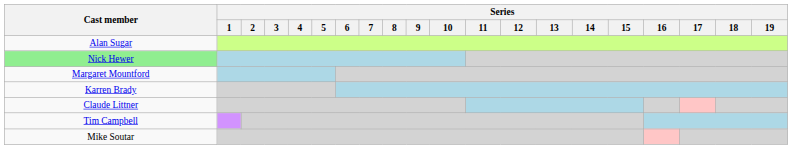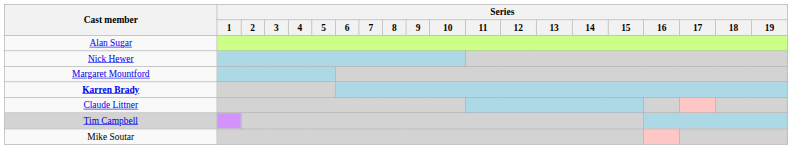 <table class="wikitable" style= "font-size:95%; text-align: center; width: 100%;">
 <tr>
 <th rowspan="2">Cast member</th>
 <th colspan="19" style="text-align:center">Series</th>
 </tr>
 <tr>
 <th>1</th>
 <th>2</th>
 <th>3</th>
 <th>4</th>
 <th>5</th>
 <th>6</th>
 <th>7</th>
 <th>8</th>
 <th>9</th>
 <th>10</th>
 <th>11</th>
 <th>12</th>
 <th>13</th>
 <th>14</th>
 <th>15</th>
 <th>16</th>
 <th>17</th>
 <th>18</th>
 <th>19</th>
 </tr>
 <tr>
 <td><a href='#'>Alan Sugar</a></td>
 <td colspan="19" style="background:#ccff88"></td>
 </tr>
 <tr>
-<td style="background: lightgreen;"><a href='#'>Nick Hewer</a></td>
+<td><a href='#'>Nick Hewer</a></td>
 <td colspan="10" style="background:lightblue"></td>
 <td colspan="9" style="background:lightgrey"></td>
 </tr>
 <tr>
 <td><a href='#'>Margaret Mountford</a></td>
 <td colspan="5" style="background:lightblue"></td>
 <td colspan="14" style="background:lightgrey"></td>
 </tr>
 <tr>
-<td><a href='#'>Karren Brady</a></td>
+<td><strong><a href='#'>Karren Brady</a></strong></td>
 <td colspan="5" style="background:lightgrey"></td>
 <td colspan="14" style="background:lightblue"></td>
 </tr>
 <tr>
 <td><a href='#'>Claude Littner</a></td>
 <td colspan="10" style="background:lightgrey"></td>
 <td colspan="5" style="background:lightblue"></td>
 <td colspan="1" style="background:lightgrey"></td>
 <td colspan="1" style="background:#ffc6c6"></td>
 <td colspan="2" style="background:lightgrey"></td>
 </tr>
 <tr>
-<td><a href='#'>Tim Campbell</a></td>
+<td style="background: lightgrey;"><a href='#'>Tim Campbell</a></td>
 <td colspan="1" style="background:#d293ff"></td>
 <td colspan="14" style="background:lightgrey"></td>
 <td colspan="4" style="background:lightblue"></td>
 </tr>
 <tr>
 <td>Mike Soutar</td>
 <td colspan="15" style="background:lightgrey"></td>
 <td colspan="1" style="background:#ffc6c6"></td>
 <td colspan="3" style="background:lightgrey"></td>
 </tr>
 </table>
